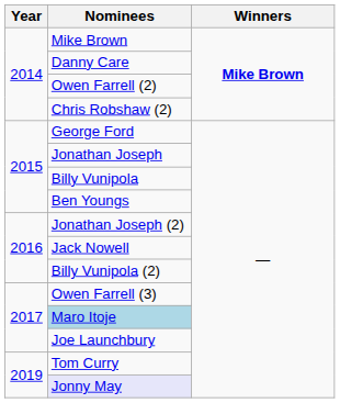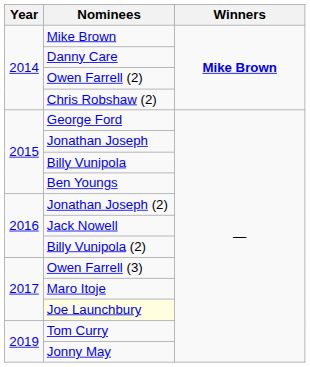 <table class="wikitable">
 <tr>
 <th width=40>Year</th>
 <th width=150>Nominees</th>
 <th width=150>Winners</th>
 </tr>
 <tr>
 <td rowspan=4 align=center><a href='#'>2014</a></td>
 <td><a href='#'>Mike Brown</a></td>
 <td rowspan=4 align=center><strong><a href='#'>Mike Brown</a></strong></td>
 </tr>
 <tr>
 <td><a href='#'>Danny Care</a></td>
 </tr>
 <tr>
 <td><a href='#'>Owen Farrell</a> (2)</td>
 </tr>
 <tr>
 <td><a href='#'>Chris Robshaw</a> (2)</td>
 </tr>
 <tr>
 <td rowspan=4 align=center><a href='#'>2015</a></td>
 <td><a href='#'>George Ford</a></td>
 <td rowspan=12 align=center>—</td>
 </tr>
 <tr>
 <td><a href='#'>Jonathan Joseph</a></td>
 </tr>
 <tr>
 <td><a href='#'>Billy Vunipola</a></td>
 </tr>
 <tr>
 <td><a href='#'>Ben Youngs</a></td>
 </tr>
 <tr>
 <td rowspan=3 align=center><a href='#'>2016</a></td>
 <td><a href='#'>Jonathan Joseph</a> (2)</td>
 </tr>
 <tr>
 <td><a href='#'>Jack Nowell</a></td>
 </tr>
 <tr>
 <td><a href='#'>Billy Vunipola</a> (2)</td>
 </tr>
 <tr>
 <td rowspan=3 align=center><a href='#'>2017</a></td>
 <td><a href='#'>Owen Farrell</a> (3)</td>
 </tr>
 <tr>
-<td style="background: lightblue;"><a href='#'>Maro Itoje</a></td>
+<td><a href='#'>Maro Itoje</a></td>
 </tr>
 <tr>
-<td><a href='#'>Joe Launchbury</a></td>
+<td style="background: lightyellow;"><a href='#'>Joe Launchbury</a></td>
 </tr>
 <tr>
 <td rowspan=2 align=center><a href='#'>2019</a></td>
 <td><a href='#'>Tom Curry</a></td>
 </tr>
 <tr>
-<td style="background: lavender;"><a href='#'>Jonny May</a></td>
+<td><a href='#'>Jonny May</a></td>
 </tr>
 </table>
